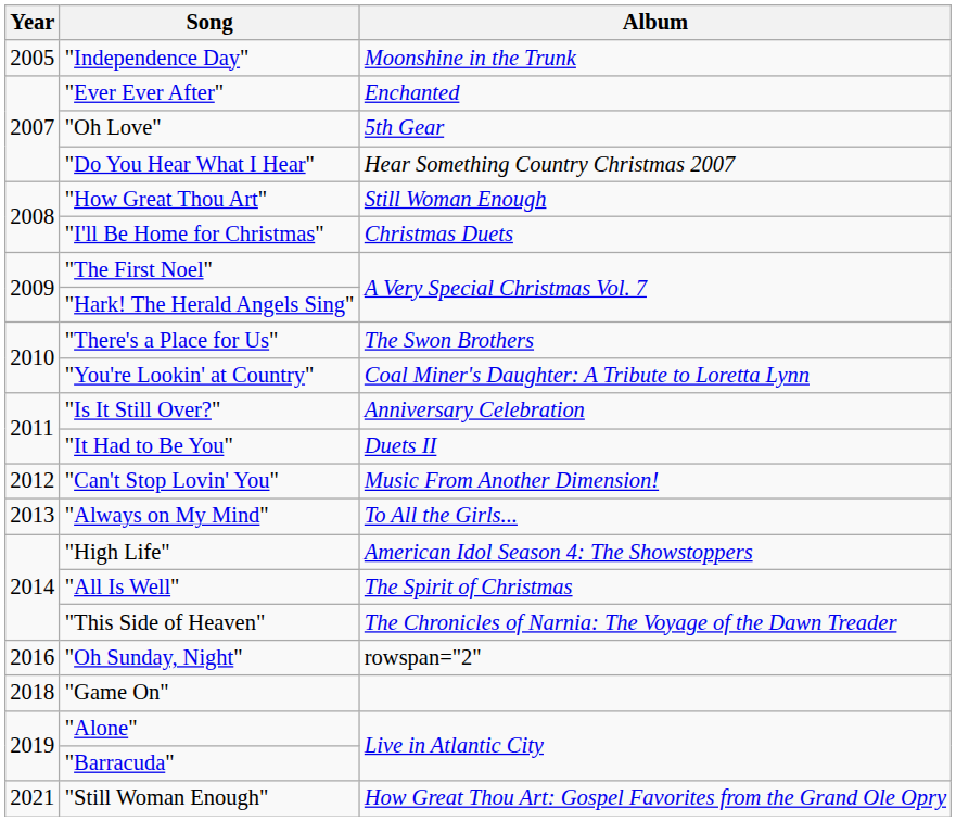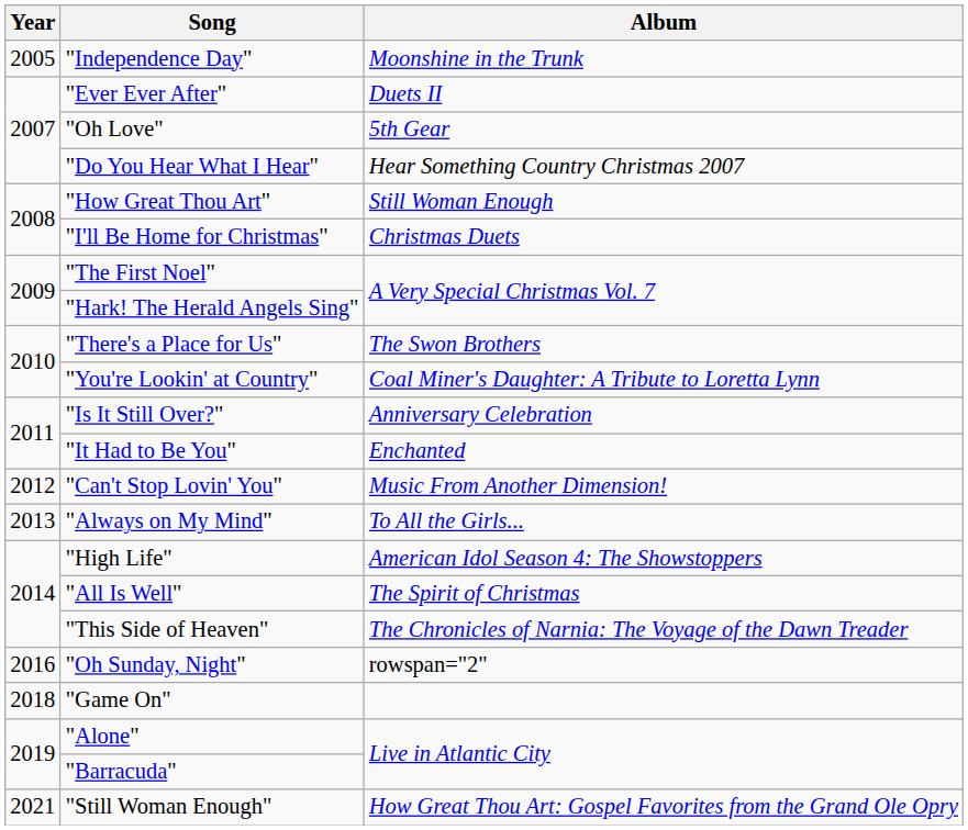 <table class="wikitable plainrowheaders">
 <tr>
 <th>Year</th>
 <th>Song</th>
 <th>Album</th>
 </tr>
 <tr>
 <td>2005</td>
 <td>"<a href='#'>Independence Day</a>"</td>
 <td><em><a href='#'>Moonshine in the Trunk</a></em></td>
 </tr>
 <tr>
 <td rowspan="3">2007</td>
 <td>"<a href='#'>Ever Ever After</a>"</td>
-<td><em><a href='#'>Enchanted</a></em></td>
+<td><em><a href='#'>Duets II</a></em></td>
 </tr>
 <tr>
 <td>"Oh Love" </td>
 <td><em><a href='#'>5th Gear</a></em></td>
 </tr>
 <tr>
 <td>"<a href='#'>Do You Hear What I Hear</a>"</td>
 <td><em>Hear Something Country Christmas 2007</em></td>
 </tr>
 <tr>
 <td rowspan="2">2008</td>
 <td>"<a href='#'>How Great Thou Art</a>"</td>
 <td><em><a href='#'>Still Woman Enough</a></em></td>
 </tr>
 <tr>
 <td>"<a href='#'>I'll Be Home for Christmas</a>" </td>
 <td><em><a href='#'>Christmas Duets</a></em></td>
 </tr>
 <tr>
 <td rowspan="2">2009</td>
 <td>"<a href='#'>The First Noel</a>"</td>
 <td rowspan="2"><em><a href='#'>A Very Special Christmas Vol. 7</a></em></td>
 </tr>
 <tr>
 <td>"<a href='#'>Hark! The Herald Angels Sing</a>"</td>
 </tr>
 <tr>
 <td rowspan="2">2010</td>
 <td>"<a href='#'>There's a Place for Us</a>"</td>
 <td><em><a href='#'>The Swon Brothers</a></em></td>
 </tr>
 <tr>
 <td>"<a href='#'>You're Lookin' at Country</a>"</td>
 <td><em><a href='#'>Coal Miner's Daughter: A Tribute to Loretta Lynn</a></em></td>
 </tr>
 <tr>
 <td rowspan="2">2011</td>
 <td>"<a href='#'>Is It Still Over?</a>" </td>
 <td><em><a href='#'>Anniversary Celebration</a></em></td>
 </tr>
 <tr>
 <td>"<a href='#'>It Had to Be You</a>" </td>
-<td><em><a href='#'>Duets II</a></em></td>
+<td><em><a href='#'>Enchanted</a></em></td>
 </tr>
 <tr>
 <td>2012</td>
 <td>"<a href='#'>Can't Stop Lovin' You</a>" </td>
 <td><em><a href='#'>Music From Another Dimension!</a></em></td>
 </tr>
 <tr>
 <td>2013</td>
 <td>"<a href='#'>Always on My Mind</a>" </td>
 <td><em><a href='#'>To All the Girls...</a></em></td>
 </tr>
 <tr>
 <td rowspan="3">2014</td>
 <td>"High Life" </td>
 <td><em><a href='#'>American Idol Season 4: The Showstoppers</a></em></td>
 </tr>
 <tr>
 <td>"<a href='#'>All Is Well</a>" </td>
 <td><em><a href='#'>The Spirit of Christmas</a></em></td>
 </tr>
 <tr>
 <td>"This Side of Heaven" </td>
 <td><em><a href='#'>The Chronicles of Narnia: The Voyage of the Dawn Treader</a></em></td>
 </tr>
 <tr>
 <td>2016</td>
 <td>"<a href='#'>Oh Sunday, Night</a>" </td>
 <td>rowspan="2" </td>
 </tr>
 <tr>
 <td>2018</td>
 <td>"Game On" </td>
 </tr>
 <tr>
 <td rowspan="2">2019</td>
 <td>"<a href='#'>Alone</a>"<br></td>
 <td rowspan="2"><em><a href='#'>Live in Atlantic City</a></em></td>
 </tr>
 <tr>
 <td>"<a href='#'>Barracuda</a>"<br></td>
 </tr>
 <tr>
 <td>2021</td>
 <td>"Still Woman Enough"<br></td>
 <td><em><a href='#'>How Great Thou Art: Gospel Favorites from the Grand Ole Opry</a></em></td>
 </tr>
 </table>
